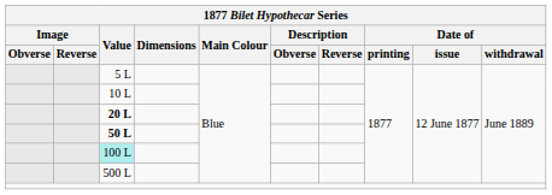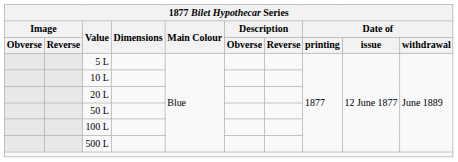 <table class="wikitable" style="font-size: 90%">
 <tr>
 <th colspan=10>1877 <em>Bilet Hypothecar</em> Series</th>
 </tr>
 <tr>
 <th colspan=2>Image</th>
 <th rowspan=2>Value</th>
 <th rowspan=2>Dimensions</th>
 <th rowspan=2>Main Colour</th>
 <th colspan=2>Description</th>
 <th colspan=3>Date of</th>
 </tr>
 <tr>
 <th>Obverse</th>
 <th>Reverse</th>
 <th>Obverse</th>
 <th>Reverse</th>
 <th>printing</th>
 <th>issue</th>
 <th>withdrawal</th>
 </tr>
 <tr>
 <td align="center" bgcolor="#E8E8E8"></td>
 <td align="center" bgcolor="#E8E8E8"></td>
 <td align=right>5 L</td>
 <td></td>
 <td rowspan="6">Blue</td>
 <td></td>
 <td></td>
 <td rowspan="6">1877</td>
 <td rowspan="6">12 June 1877</td>
 <td rowspan="6">June 1889 </td>
 </tr>
 <tr>
 <td align="center" bgcolor="#E8E8E8"></td>
 <td align="center" bgcolor="#E8E8E8"></td>
 <td align=right>10 L</td>
 <td></td>
 <td></td>
 <td></td>
 </tr>
 <tr>
 <td align="center" bgcolor="#E8E8E8"></td>
 <td align="center" bgcolor="#E8E8E8"></td>
-<td align=right><strong>20 L</strong></td>
+<td align=right>20 L</td>
 <td></td>
 <td></td>
 <td></td>
 </tr>
 <tr>
 <td align="center" bgcolor="#E8E8E8"></td>
 <td align="center" bgcolor="#E8E8E8"></td>
-<td align=right><strong>50 L</strong></td>
+<td align=right>50 L</td>
 <td></td>
 <td></td>
 <td></td>
 </tr>
 <tr>
 <td align="center" bgcolor="#E8E8E8"></td>
 <td align="center" bgcolor="#E8E8E8"></td>
-<td align=right style="background: paleturquoise;">100 L</td>
+<td align=right>100 L</td>
 <td></td>
 <td></td>
 <td></td>
 </tr>
 <tr>
 <td align="center" bgcolor="#E8E8E8"></td>
 <td align="center" bgcolor="#E8E8E8"></td>
 <td align=right>500 L</td>
 <td></td>
 <td></td>
 <td></td>
 </tr>
 <tr>
 <td colspan=10></td>
 </tr>
 </table>
